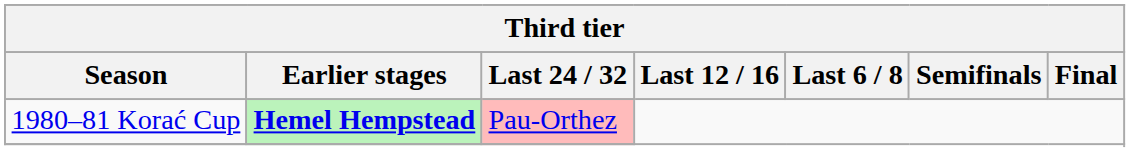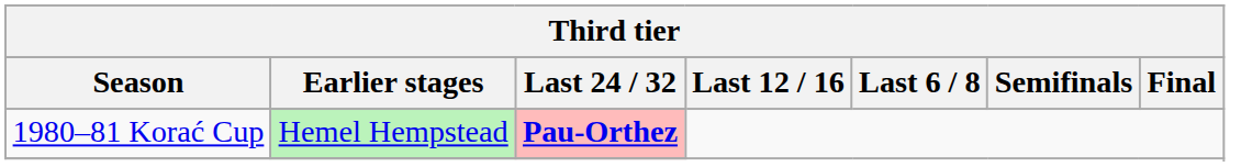 <table class="wikitable" style="font-size:90%">
 <tr>
 <th colspan=7>Third tier</th>
 </tr>
 <tr>
 <th>Season</th>
 <th>Earlier stages</th>
 <th>Last 24 / 32</th>
 <th>Last 12 / 16</th>
 <th>Last 6 / 8</th>
 <th>Semifinals</th>
 <th>Final</th>
 </tr>
 <tr>
 <td><a href='#'>1980–81 Korać Cup</a></td>
-<td bgcolor=#BBF3BB><strong> <a href='#'>Hemel Hempstead</a></strong></td>
-<td bgcolor=#FFBBBB> <a href='#'>Pau-Orthez</a></td>
+<td bgcolor=#BBF3BB> <a href='#'>Hemel Hempstead</a></td>
+<td bgcolor=#FFBBBB><strong> <a href='#'>Pau-Orthez</a></strong></td>
 </tr>
 <tr>
 </tr>
 </table>
